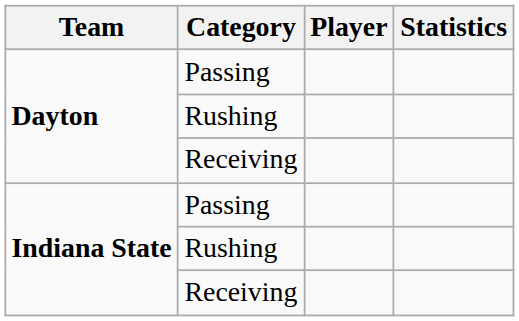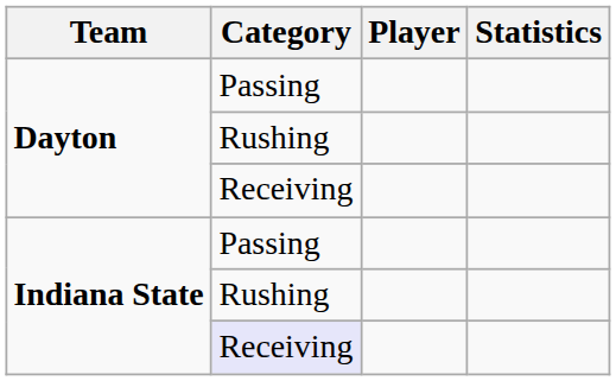 <table class="wikitable" style="float: right;">
 <tr>
 <th>Team</th>
 <th>Category</th>
 <th>Player</th>
 <th>Statistics</th>
 </tr>
 <tr>
 <td rowspan=3><strong>Dayton</strong></td>
 <td>Passing</td>
 <td></td>
 <td></td>
 </tr>
 <tr>
 <td>Rushing</td>
 <td></td>
 <td></td>
 </tr>
 <tr>
 <td>Receiving</td>
 <td></td>
 <td></td>
 </tr>
 <tr>
 <td rowspan=3><strong>Indiana State</strong></td>
 <td>Passing</td>
 <td></td>
 <td></td>
 </tr>
 <tr>
 <td>Rushing</td>
 <td></td>
 <td></td>
 </tr>
 <tr>
-<td>Receiving</td>
+<td style="background: lavender;">Receiving</td>
 <td></td>
 <td></td>
 </tr>
 </table>
